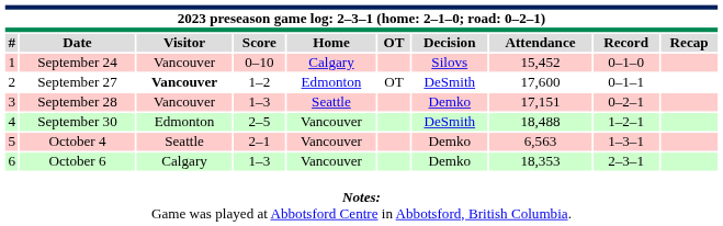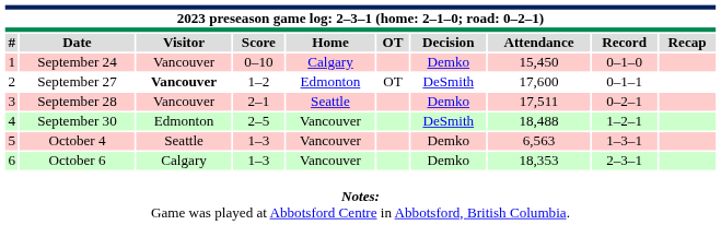 <table class="toccolours collapsible collapsed" style="width:90%; clear:both; margin:1.5em auto; text-align:center;">
 <tr>
 <th colspan="10" style="background:#FFFFFF; border-top:#001F5B 5px solid; border-bottom:#008852 5px solid;">2023 preseason game log: 2–3–1 (home: 2–1–0; road: 0–2–1)</th>
 </tr>
 <tr style="background:#ddd;">
 <th>#</th>
 <th>Date</th>
 <th>Visitor</th>
 <th>Score</th>
 <th>Home</th>
 <th>OT</th>
 <th>Decision</th>
 <th>Attendance</th>
 <th>Record</th>
 <th>Recap</th>
 </tr>
 <tr style="background:#fcc;">
 <td>1</td>
 <td>September 24</td>
 <td>Vancouver</td>
 <td>0–10</td>
 <td><a href='#'>Calgary</a></td>
 <td></td>
-<td><a href='#'>Silovs</a></td>
-<td>15,452</td>
+<td><a href='#'>Demko</a></td>
+<td>15,450</td>
 <td>0–1–0</td>
 <td></td>
 </tr>
 <tr style="background:#fff;">
 <td>2</td>
 <td>September 27</td>
 <td><strong>Vancouver</strong></td>
 <td>1–2</td>
 <td><a href='#'>Edmonton</a></td>
 <td>OT</td>
 <td><a href='#'>DeSmith</a></td>
 <td>17,600</td>
 <td>0–1–1</td>
 <td></td>
 </tr>
 <tr style="background:#fcc;">
 <td>3</td>
 <td>September 28</td>
 <td>Vancouver</td>
-<td>1–3</td>
+<td>2–1</td>
 <td><a href='#'>Seattle</a></td>
 <td></td>
 <td><a href='#'>Demko</a></td>
-<td>17,151</td>
+<td>17,511</td>
 <td>0–2–1</td>
 <td></td>
 </tr>
 <tr style="background:#cfc;">
 <td>4</td>
 <td>September 30</td>
 <td>Edmonton</td>
 <td>2–5</td>
 <td>Vancouver</td>
 <td></td>
 <td><a href='#'>DeSmith</a></td>
 <td>18,488</td>
 <td>1–2–1</td>
 <td></td>
 </tr>
 <tr style="background:#fcc;">
 <td>5</td>
 <td>October 4</td>
 <td>Seattle</td>
-<td>2–1</td>
+<td>1–3</td>
 <td>Vancouver</td>
 <td></td>
 <td>Demko</td>
 <td>6,563</td>
 <td>1–3–1</td>
 <td></td>
 </tr>
 <tr style="background:#cfc;">
 <td>6</td>
 <td>October 6</td>
 <td>Calgary</td>
 <td>1–3</td>
 <td>Vancouver</td>
 <td></td>
 <td>Demko</td>
 <td>18,353</td>
 <td>2–3–1</td>
 <td></td>
 </tr>
 <tr>
 <td colspan="10" style="text-align:center;"><br><strong><em>Notes:</em></strong><br>  Game was played at <a href='#'>Abbotsford Centre</a> in <a href='#'>Abbotsford, British Columbia</a>.</td>
 </tr>
 </table>
